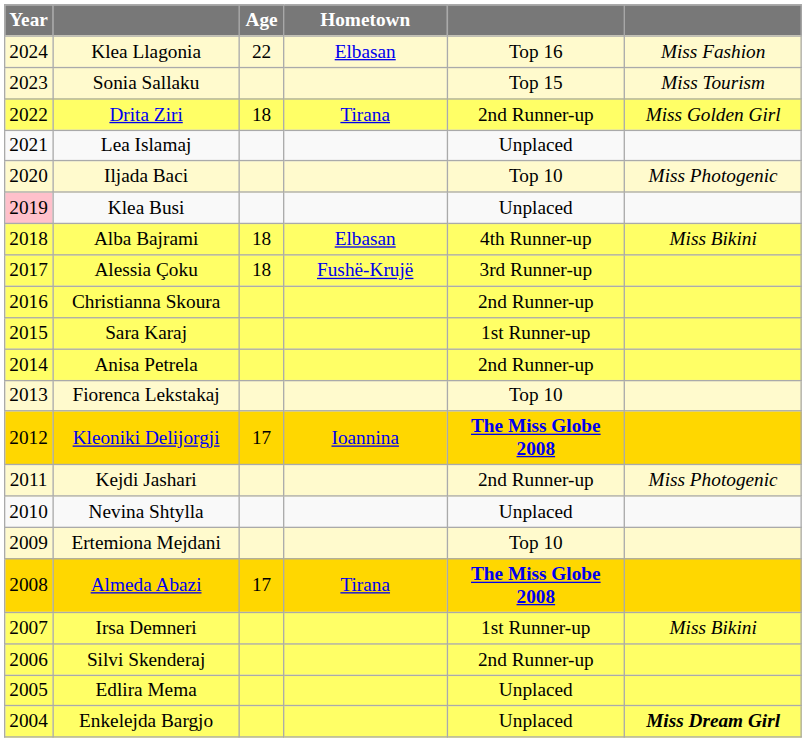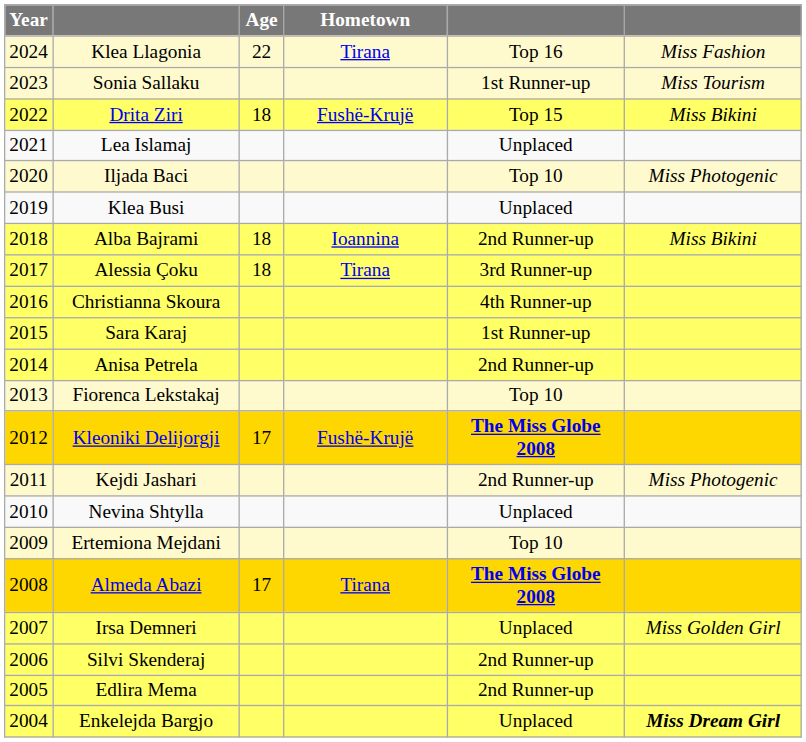 <table class="wikitable" style="font-size: 92%; text-align:center">
 <tr>
 <th width="30" style="background-color:#787878;color:#FFFFFF;">Year</th>
 <th width="250" style="background-color:#787878;color:#FFFFFF;"></th>
 <th width="30" style="background-color:#787878;color:#FFFFFF;">Age</th>
 <th width="200" style="background-color:#787878;color:#FFFFFF;">Hometown</th>
 <th width="250" style="background-color:#787878;color:#FFFFFF;"></th>
 <th width="230" style="background-color:#787878;color:#FFFFFF;"></th>
 </tr>
 <tr style="background-color:#FFFACD">
 <td>2024</td>
 <td>Klea Llagonia</td>
 <td>22</td>
-<td><a href='#'>Elbasan</a></td>
+<td><a href='#'>Tirana</a></td>
 <td>Top 16</td>
 <td><em>Miss Fashion</em></td>
 </tr>
 <tr style="background-color:#FFFACD">
 <td>2023</td>
 <td>Sonia Sallaku</td>
 <td></td>
 <td></td>
-<td>Top 15</td>
+<td>1st Runner-up</td>
 <td><em>Miss Tourism</em></td>
 </tr>
 <tr style="background-color:#FFFF66">
 <td>2022</td>
 <td><a href='#'>Drita Ziri</a></td>
 <td>18</td>
-<td><a href='#'>Tirana</a></td>
-<td>2nd Runner-up</td>
-<td><em>Miss Golden Girl</em></td>
+<td><a href='#'>Fushë-Krujë</a></td>
+<td>Top 15</td>
+<td><em>Miss Bikini</em></td>
 </tr>
 <tr>
 <td>2021</td>
 <td>Lea Islamaj</td>
 <td></td>
 <td></td>
 <td>Unplaced</td>
 <td></td>
 </tr>
 <tr style="background-color:#FFFACD">
 <td>2020</td>
 <td>Iljada Baci</td>
 <td></td>
 <td></td>
 <td>Top 10</td>
 <td><em>Miss Photogenic</em></td>
 </tr>
 <tr>
-<td style="background: pink;">2019</td>
+<td>2019</td>
 <td>Klea Busi</td>
 <td></td>
 <td></td>
 <td>Unplaced</td>
 <td></td>
 </tr>
 <tr style="background-color:#FFFF66">
 <td>2018</td>
 <td>Alba Bajrami</td>
 <td>18</td>
-<td><a href='#'>Elbasan</a></td>
-<td>4th Runner-up</td>
+<td><a href='#'>Ioannina</a></td>
+<td>2nd Runner-up</td>
 <td><em>Miss Bikini</em></td>
 </tr>
 <tr style="background-color:#FFFF66">
 <td>2017</td>
 <td>Alessia Çoku</td>
 <td>18</td>
-<td><a href='#'>Fushë-Krujë</a></td>
+<td><a href='#'>Tirana</a></td>
 <td>3rd Runner-up</td>
 <td></td>
 </tr>
 <tr style="background-color:#FFFF66">
 <td>2016</td>
 <td>Christianna Skoura</td>
 <td></td>
 <td></td>
-<td>2nd Runner-up</td>
+<td>4th Runner-up</td>
 <td></td>
 </tr>
 <tr style="background-color:#FFFF66">
 <td>2015</td>
 <td>Sara Karaj</td>
 <td></td>
 <td></td>
 <td>1st Runner-up</td>
 <td></td>
 </tr>
 <tr style="background-color:#FFFF66">
 <td>2014</td>
 <td>Anisa Petrela</td>
 <td></td>
 <td></td>
 <td>2nd Runner-up</td>
 <td></td>
 </tr>
 <tr style="background-color:#FFFACD">
 <td>2013</td>
 <td>Fiorenca Lekstakaj</td>
 <td></td>
 <td></td>
 <td>Top 10</td>
 <td></td>
 </tr>
 <tr style="background-color:gold">
 <td>2012</td>
 <td><a href='#'>Kleoniki Delijorgji</a></td>
 <td>17</td>
-<td><a href='#'>Ioannina</a></td>
+<td><a href='#'>Fushë-Krujë</a></td>
 <td><strong><a href='#'> The Miss Globe 2008</a></strong></td>
 <td></td>
 </tr>
 <tr style="background-color:#FFFACD">
 <td>2011</td>
 <td>Kejdi Jashari</td>
 <td></td>
 <td></td>
 <td>2nd Runner-up</td>
 <td><em>Miss Photogenic</em></td>
 </tr>
 <tr>
 <td>2010</td>
 <td>Nevina Shtylla</td>
 <td></td>
 <td></td>
 <td>Unplaced</td>
 <td></td>
 </tr>
 <tr style="background-color:#FFFACD">
 <td>2009</td>
 <td>Ertemiona Mejdani</td>
 <td></td>
 <td></td>
 <td>Top 10</td>
 <td></td>
 </tr>
 <tr style="background-color:gold">
 <td>2008</td>
 <td><a href='#'>Almeda Abazi</a></td>
 <td>17</td>
 <td><a href='#'>Tirana</a></td>
 <td><strong><a href='#'> The Miss Globe 2008</a></strong></td>
 <td></td>
 </tr>
 <tr style="background-color:#FFFF66">
 <td>2007</td>
 <td>Irsa Demneri</td>
 <td></td>
 <td></td>
-<td>1st Runner-up</td>
-<td><em>Miss Bikini</em></td>
+<td>Unplaced</td>
+<td><em>Miss Golden Girl</em></td>
 </tr>
 <tr style="background-color:#FFFF66">
 <td>2006</td>
 <td>Silvi Skenderaj</td>
 <td></td>
 <td></td>
 <td>2nd Runner-up</td>
 <td></td>
 </tr>
 <tr style="background-color:#FFFF66">
 <td>2005</td>
 <td>Edlira Mema</td>
 <td></td>
 <td></td>
-<td>Unplaced</td>
+<td>2nd Runner-up</td>
 <td></td>
 </tr>
 <tr style="background-color:#FFFF66">
 <td>2004</td>
 <td>Enkelejda Bargjo</td>
 <td></td>
 <td></td>
 <td>Unplaced</td>
 <td><strong><em>Miss Dream Girl</em></strong></td>
 </tr>
 </table>
